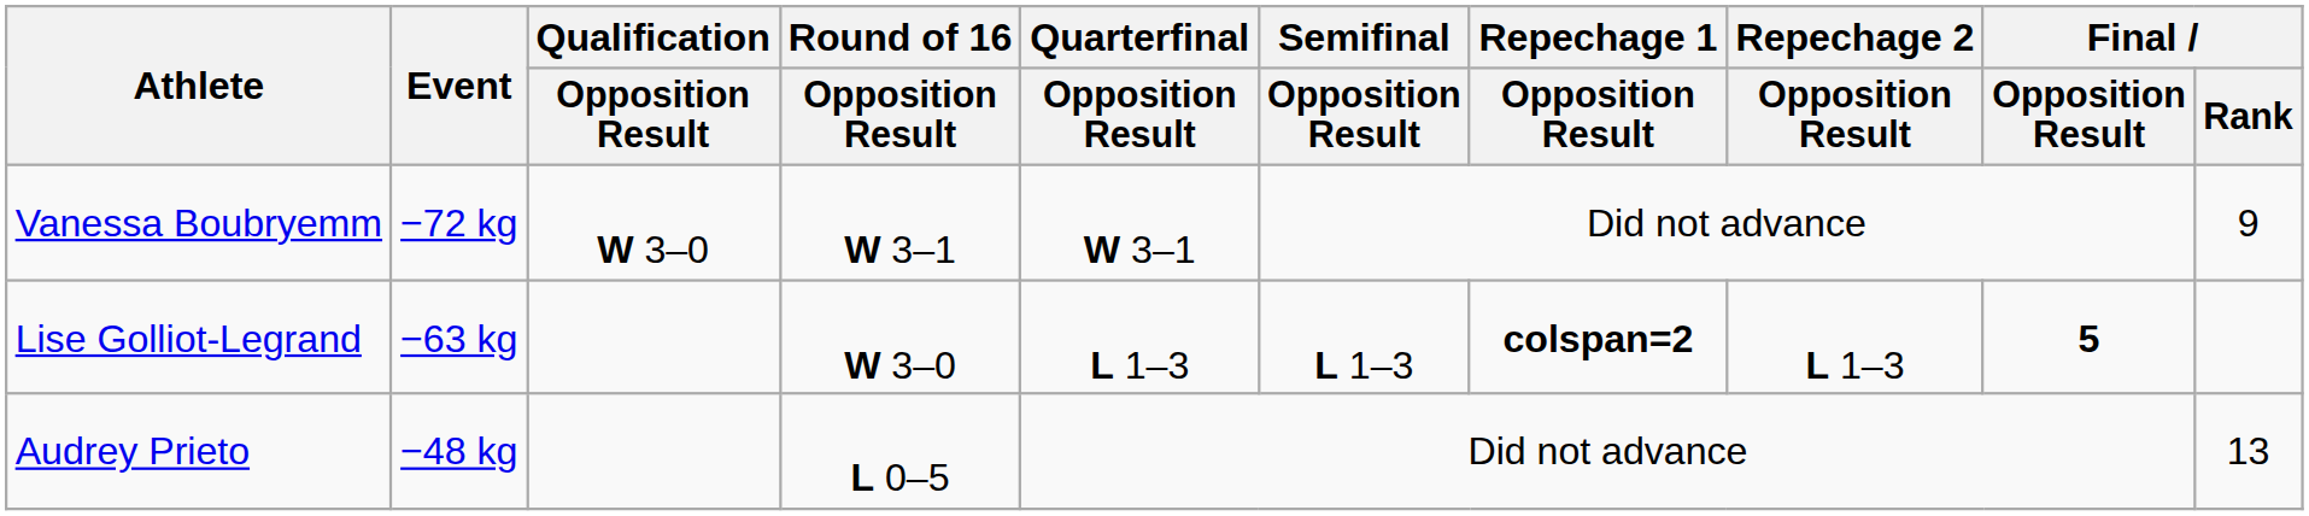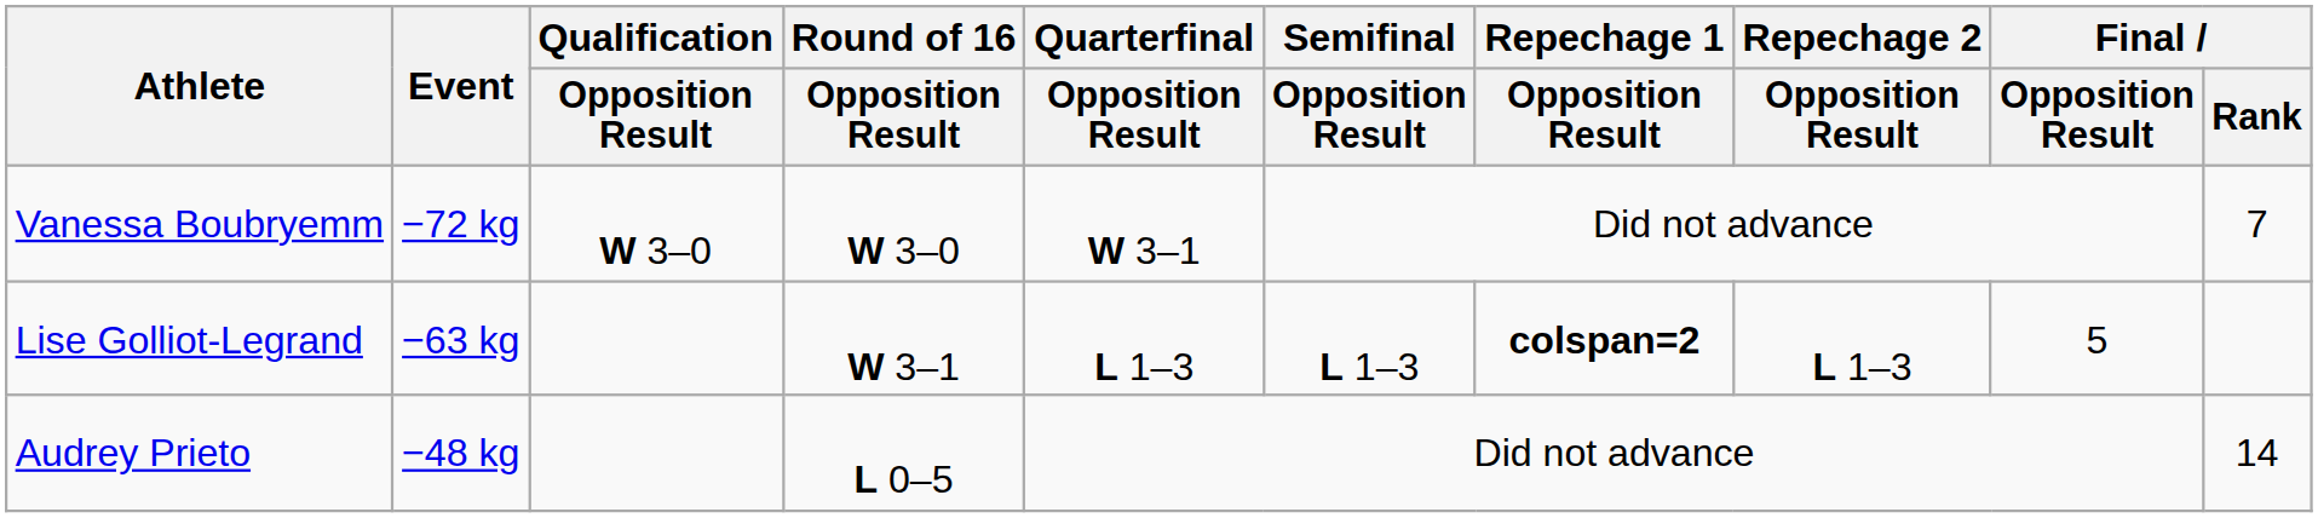 <table class="wikitable" style="font-size:90%">
 <tr>
 <th rowspan="2">Athlete</th>
 <th rowspan="2">Event</th>
 <th>Qualification</th>
 <th>Round of 16</th>
 <th>Quarterfinal</th>
 <th>Semifinal</th>
 <th>Repechage 1</th>
 <th>Repechage 2</th>
 <th colspan=2>Final / </th>
 </tr>
 <tr style="font-size: 95%">
 <th>Opposition<br>Result</th>
 <th>Opposition<br>Result</th>
 <th>Opposition<br>Result</th>
 <th>Opposition<br>Result</th>
 <th>Opposition<br>Result</th>
 <th>Opposition<br>Result</th>
 <th>Opposition<br>Result</th>
 <th>Rank</th>
 </tr>
 <tr align=center>
 <td align=left><a href='#'>Vanessa Boubryemm</a></td>
 <td align=left><a href='#'>−72 kg</a></td>
 <td><br><strong>W</strong> 3–0 <sup></sup></td>
-<td><br><strong>W</strong> 3–1 <sup></sup></td>
+<td><br><strong>W</strong> 3–0 <sup></sup></td>
 <td><br><strong>W</strong> 3–1 <sup></sup></td>
 <td colspan=4>Did not advance</td>
-<td>9</td>
+<td>7</td>
 </tr>
 <tr align=center>
 <td align=left><a href='#'>Lise Golliot-Legrand</a></td>
 <td align=left><a href='#'>−63 kg</a></td>
 <td></td>
-<td><br><strong>W</strong> 3–0 <sup></sup></td>
+<td><br><strong>W</strong> 3–1 <sup></sup></td>
 <td><br><strong>L</strong> 1–3 <sup></sup></td>
 <td><br><strong>L</strong> 1–3 <sup></sup></td>
 <td><strong>colspan=2 </strong></td>
 <td><br><strong>L</strong> 1–3 <sup></sup></td>
-<td><strong>5</strong></td>
+<td>5</td>
 </tr>
 <tr align=center>
 <td align=left><a href='#'>Audrey Prieto</a></td>
 <td align=left><a href='#'>−48 kg</a></td>
 <td></td>
 <td><br><strong>L</strong> 0–5 <sup></sup></td>
 <td colspan=5>Did not advance</td>
-<td>13</td>
+<td>14</td>
 </tr>
 </table>
